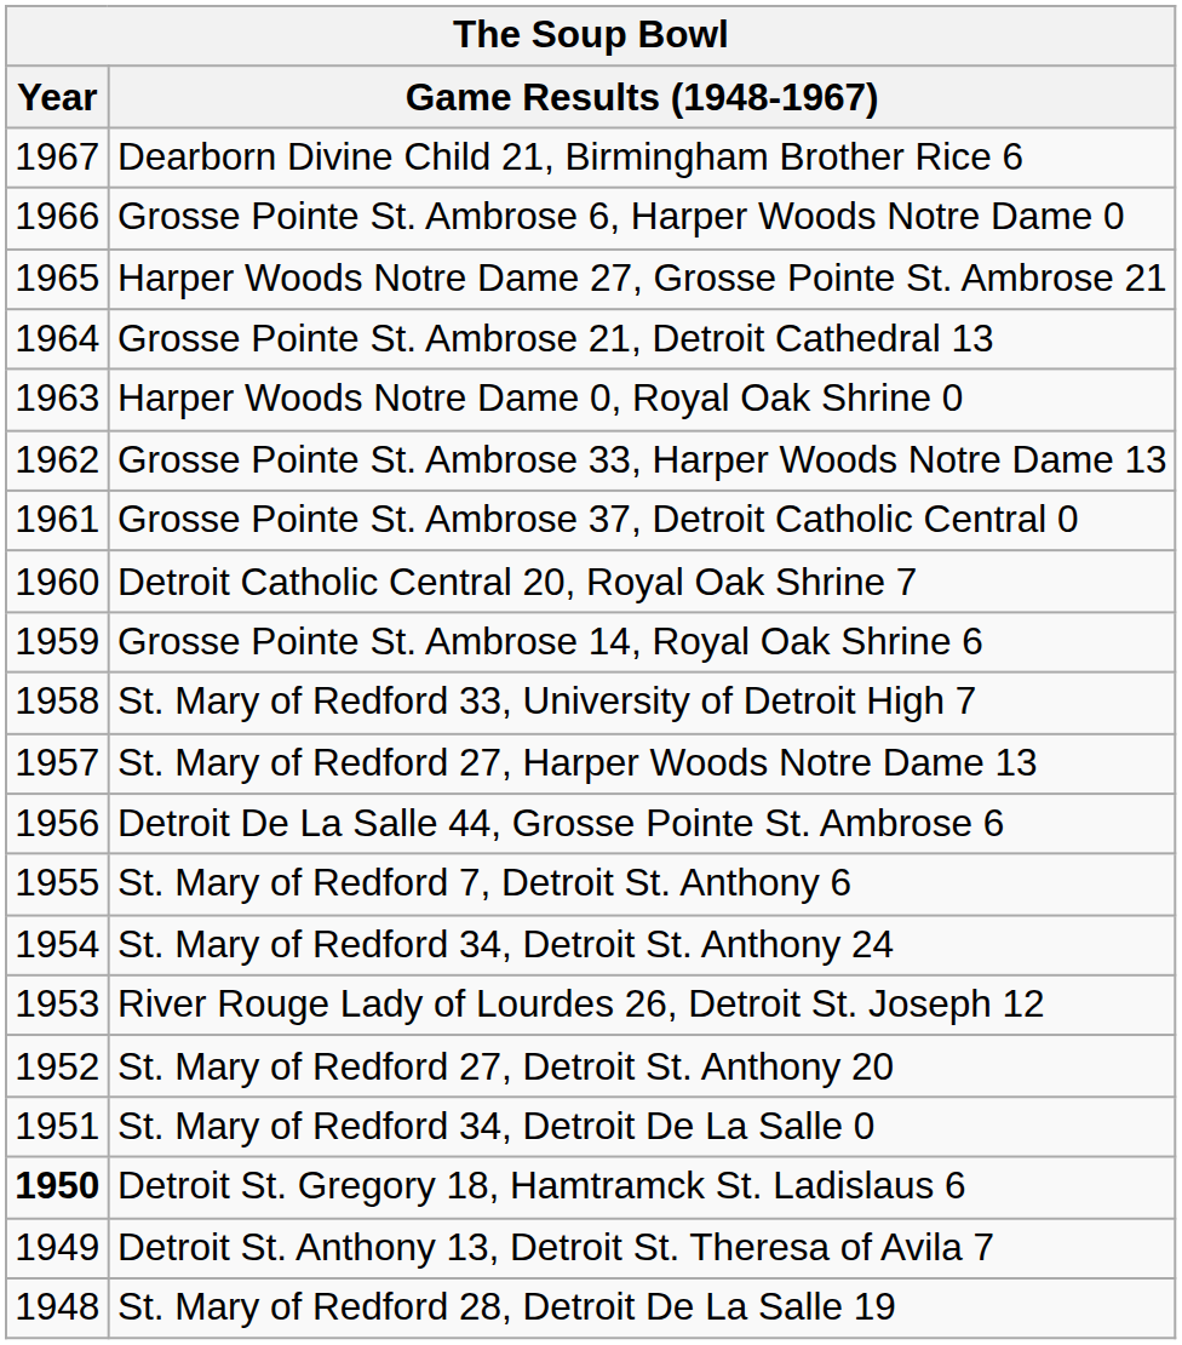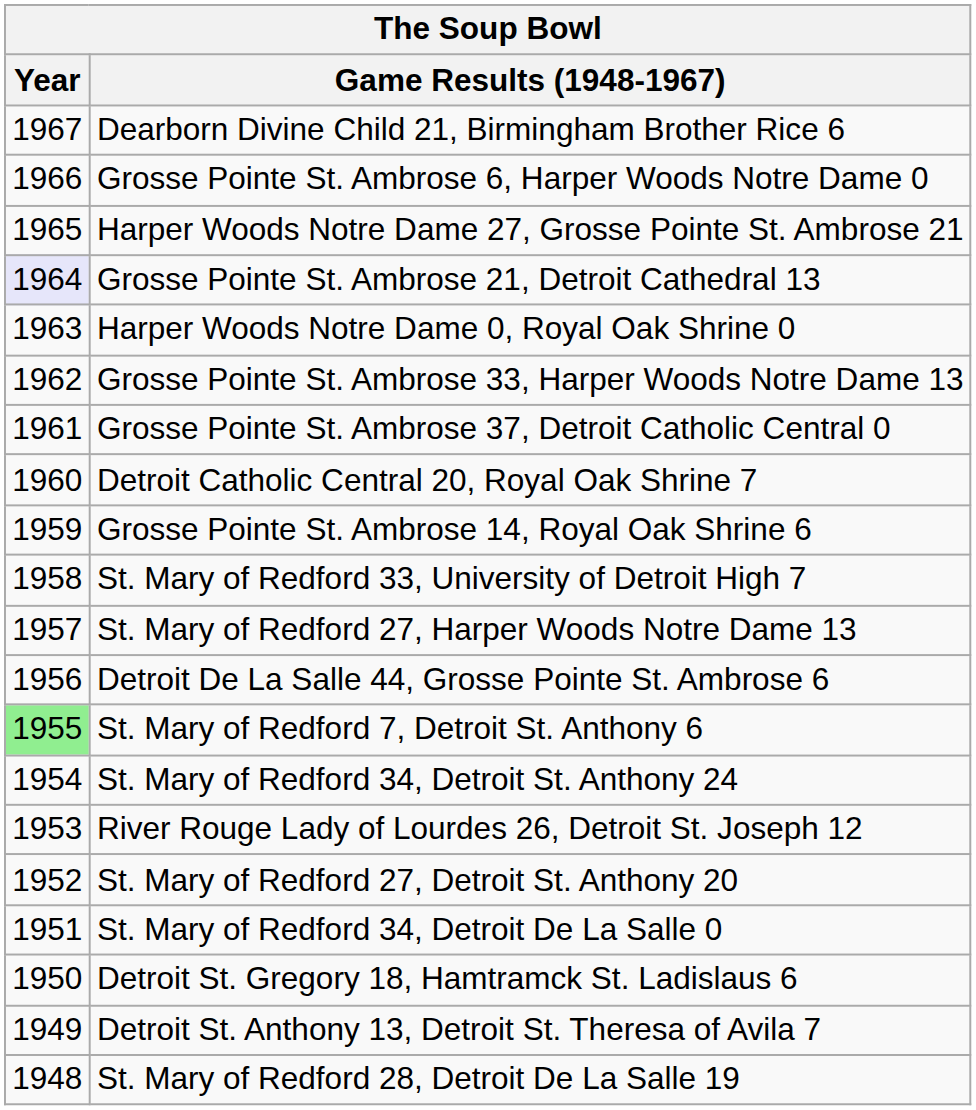 <table class="wikitable sortable">
 <tr>
 <th colspan=3>The Soup Bowl</th>
 </tr>
 <tr>
 <th>Year</th>
 <th>Game Results (1948-1967)</th>
 </tr>
 <tr>
 <td>1967</td>
 <td>Dearborn Divine Child 21, Birmingham Brother Rice 6</td>
 </tr>
 <tr>
 <td>1966</td>
 <td>Grosse Pointe St. Ambrose 6, Harper Woods Notre Dame 0</td>
 </tr>
 <tr>
 <td>1965</td>
 <td>Harper Woods Notre Dame 27, Grosse Pointe St. Ambrose 21</td>
 </tr>
 <tr>
-<td>1964</td>
+<td style="background: lavender;">1964</td>
 <td>Grosse Pointe St. Ambrose 21, Detroit Cathedral 13</td>
 </tr>
 <tr>
 <td>1963</td>
 <td>Harper Woods Notre Dame 0, Royal Oak Shrine 0</td>
 </tr>
 <tr>
 <td>1962</td>
 <td>Grosse Pointe St. Ambrose 33, Harper Woods Notre Dame 13</td>
 </tr>
 <tr>
 <td>1961</td>
 <td>Grosse Pointe St. Ambrose 37, Detroit Catholic Central 0</td>
 </tr>
 <tr>
 <td>1960</td>
 <td>Detroit Catholic Central 20, Royal Oak Shrine 7</td>
 </tr>
 <tr>
 <td>1959</td>
 <td>Grosse Pointe St. Ambrose 14, Royal Oak Shrine 6</td>
 </tr>
 <tr>
 <td>1958</td>
 <td>St. Mary of Redford 33, University of Detroit High 7</td>
 </tr>
 <tr>
 <td>1957</td>
 <td>St. Mary of Redford 27, Harper Woods Notre Dame 13</td>
 </tr>
 <tr>
 <td>1956</td>
 <td>Detroit De La Salle 44, Grosse Pointe St. Ambrose 6</td>
 </tr>
 <tr>
-<td>1955</td>
+<td style="background: lightgreen;">1955</td>
 <td>St. Mary of Redford 7, Detroit St. Anthony 6</td>
 </tr>
 <tr>
 <td>1954</td>
 <td>St. Mary of Redford 34, Detroit St. Anthony 24</td>
 </tr>
 <tr>
 <td>1953</td>
 <td>River Rouge Lady of Lourdes 26, Detroit St. Joseph 12</td>
 </tr>
 <tr>
 <td>1952</td>
 <td>St. Mary of Redford 27, Detroit St. Anthony 20</td>
 </tr>
 <tr>
 <td>1951</td>
 <td>St. Mary of Redford 34, Detroit De La Salle 0</td>
 </tr>
 <tr>
-<td><strong>1950</strong></td>
+<td>1950</td>
 <td>Detroit St. Gregory 18, Hamtramck St. Ladislaus 6</td>
 </tr>
 <tr>
 <td>1949</td>
 <td>Detroit St. Anthony 13, Detroit St. Theresa of Avila 7</td>
 </tr>
 <tr>
 <td>1948</td>
 <td>St. Mary of Redford 28, Detroit De La Salle 19</td>
 </tr>
 </table>
